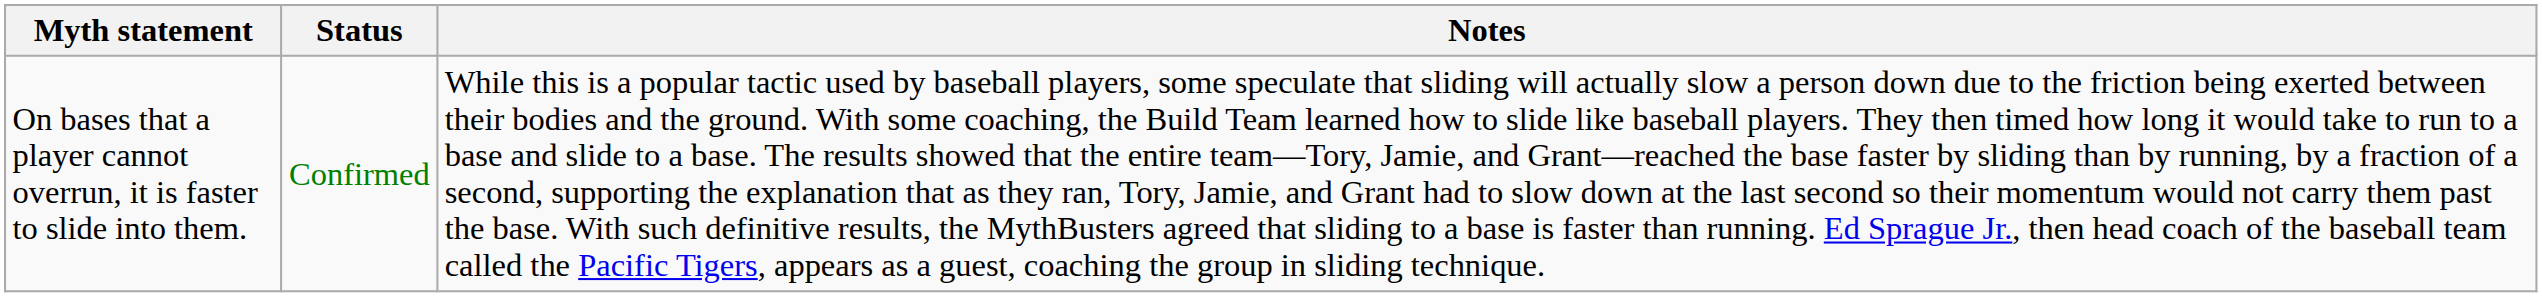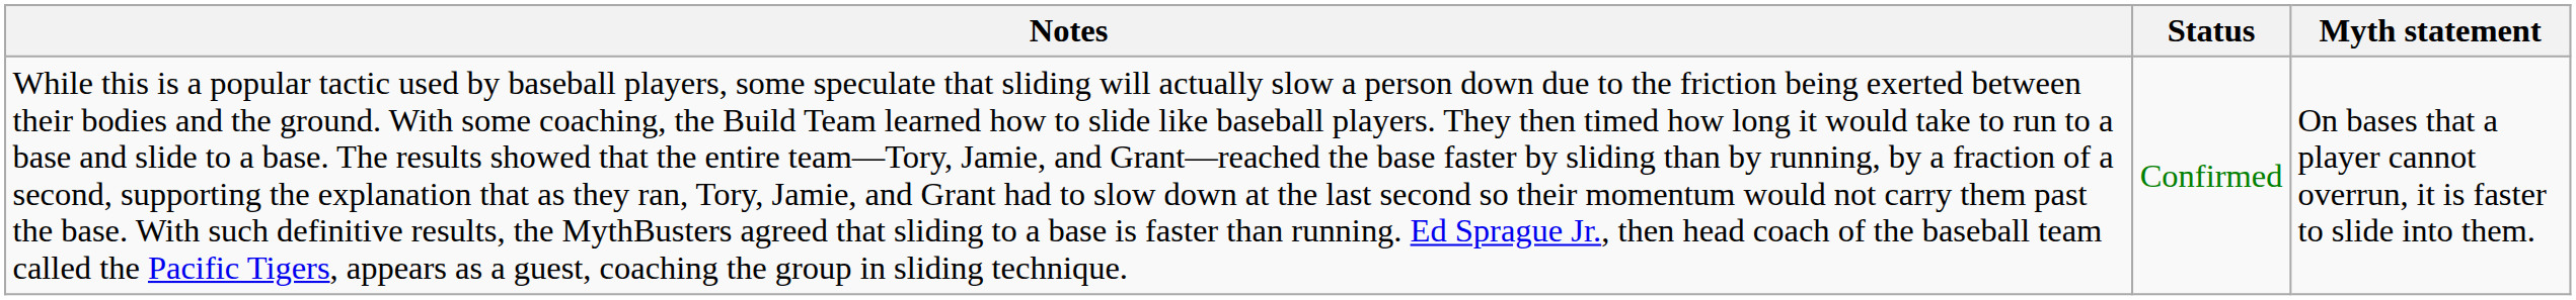 <table class="wikitable plainrowheaders">
 <tr>
+<th>Notes</th>
+<th>Status</th>
 <th>Myth statement</th>
-<th>Status</th>
-<th>Notes</th>
 </tr>
 <tr>
+<td>While this is a popular tactic used by baseball players, some speculate that sliding will actually slow a person down due to the friction being exerted between their bodies and the ground. With some coaching, the Build Team learned how to slide like baseball players. They then timed how long it would take to run to a base and slide to a base. The results showed that the entire team—Tory, Jamie, and Grant—reached the base faster by sliding than by running, by a fraction of a second, supporting the explanation that as they ran, Tory, Jamie, and Grant had to slow down at the last second so their momentum would not carry them past the base. With such definitive results, the MythBusters agreed that sliding to a base is faster than running. <a href='#'>Ed Sprague Jr.</a>, then head coach of the baseball team called the <a href='#'>Pacific Tigers</a>, appears as a guest, coaching the group in sliding technique.</td>
+<td style="color:Green">Confirmed</td>
 <td>On bases that a player cannot overrun, it is faster to slide into them.</td>
-<td style="color:Green">Confirmed</td>
-<td>While this is a popular tactic used by baseball players, some speculate that sliding will actually slow a person down due to the friction being exerted between their bodies and the ground. With some coaching, the Build Team learned how to slide like baseball players. They then timed how long it would take to run to a base and slide to a base. The results showed that the entire team—Tory, Jamie, and Grant—reached the base faster by sliding than by running, by a fraction of a second, supporting the explanation that as they ran, Tory, Jamie, and Grant had to slow down at the last second so their momentum would not carry them past the base. With such definitive results, the MythBusters agreed that sliding to a base is faster than running. <a href='#'>Ed Sprague Jr.</a>, then head coach of the baseball team called the <a href='#'>Pacific Tigers</a>, appears as a guest, coaching the group in sliding technique.</td>
 </tr>
 </table>
